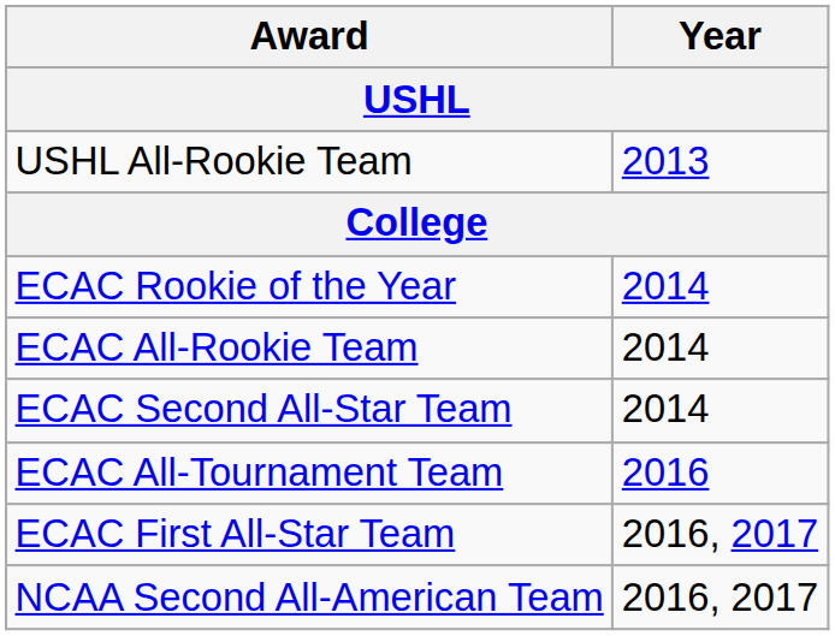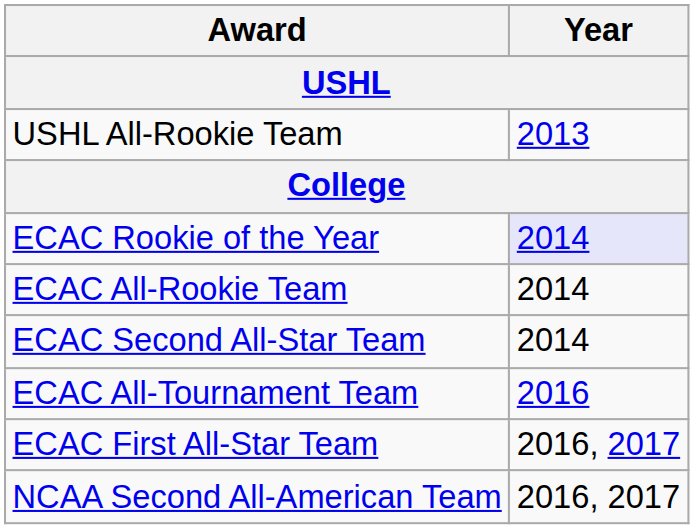 <table class="wikitable">
 <tr>
 <th>Award</th>
 <th>Year<br></th>
 </tr>
 <tr>
 <th colspan="2"><a href='#'>USHL</a></th>
 </tr>
 <tr>
 <td>USHL All-Rookie Team</td>
 <td><a href='#'>2013</a></td>
 </tr>
 <tr>
 <th colspan="2"><a href='#'>College</a></th>
 </tr>
 <tr>
 <td><a href='#'>ECAC Rookie of the Year</a></td>
-<td><a href='#'>2014</a></td>
+<td style="background: lavender;"><a href='#'>2014</a></td>
 </tr>
 <tr>
 <td><a href='#'>ECAC All-Rookie Team</a></td>
 <td>2014</td>
 </tr>
 <tr>
 <td><a href='#'>ECAC Second All-Star Team</a></td>
 <td>2014</td>
 </tr>
 <tr>
 <td><a href='#'>ECAC All-Tournament Team</a></td>
 <td><a href='#'>2016</a></td>
 </tr>
 <tr>
 <td><a href='#'>ECAC First All-Star Team</a></td>
 <td>2016, <a href='#'>2017</a></td>
 </tr>
 <tr>
 <td><a href='#'>NCAA Second All-American Team</a></td>
 <td>2016, 2017</td>
 </tr>
 </table>
